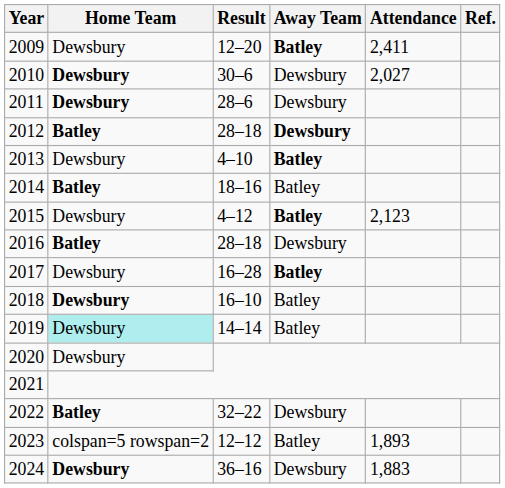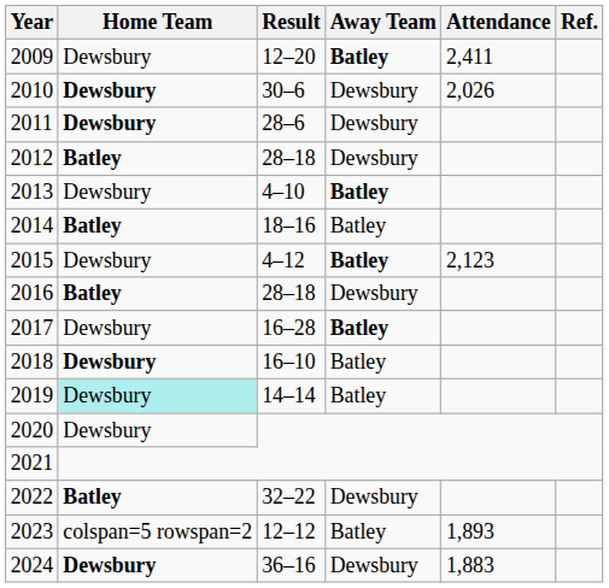 <table class="wikitable" style="font-size:100%">
 <tr>
 <th scope="col">Year</th>
 <th scope="col">Home Team</th>
 <th scope="col">Result</th>
 <th scope="col">Away Team</th>
 <th scope="col">Attendance</th>
 <th scope="col">Ref.</th>
 </tr>
 <tr>
 <td>2009</td>
 <td>Dewsbury</td>
 <td>12–20</td>
 <td><strong>Batley</strong></td>
 <td>2,411</td>
 <td></td>
 </tr>
 <tr>
 <td>2010</td>
 <td><strong>Dewsbury</strong></td>
 <td>30–6</td>
 <td>Dewsbury</td>
-<td>2,027</td>
+<td>2,026</td>
 <td></td>
 </tr>
 <tr>
 <td>2011</td>
 <td><strong>Dewsbury</strong></td>
 <td>28–6</td>
 <td>Dewsbury</td>
 <td></td>
 <td></td>
 </tr>
 <tr>
 <td>2012</td>
 <td><strong>Batley</strong></td>
 <td>28–18</td>
-<td><strong>Dewsbury</strong></td>
+<td>Dewsbury</td>
 <td></td>
 <td></td>
 </tr>
 <tr>
 <td>2013</td>
 <td>Dewsbury</td>
 <td>4–10</td>
 <td><strong>Batley</strong></td>
 <td></td>
 <td></td>
 </tr>
 <tr>
 <td>2014</td>
 <td><strong>Batley</strong></td>
 <td>18–16</td>
 <td>Batley</td>
 <td></td>
 <td></td>
 </tr>
 <tr>
 <td>2015</td>
 <td>Dewsbury</td>
 <td>4–12</td>
 <td><strong>Batley</strong></td>
 <td>2,123</td>
 <td></td>
 </tr>
 <tr>
 <td>2016</td>
 <td><strong>Batley</strong></td>
 <td>28–18</td>
 <td>Dewsbury</td>
 <td></td>
 <td></td>
 </tr>
 <tr>
 <td>2017</td>
 <td>Dewsbury</td>
 <td>16–28</td>
 <td><strong>Batley</strong></td>
 <td></td>
 <td></td>
 </tr>
 <tr>
 <td>2018</td>
 <td><strong>Dewsbury</strong></td>
 <td>16–10</td>
 <td>Batley</td>
 <td></td>
 <td></td>
 </tr>
 <tr>
 <td>2019</td>
 <td style="background: paleturquoise;">Dewsbury</td>
 <td>14–14</td>
 <td>Batley</td>
 <td></td>
 <td></td>
 </tr>
 <tr>
 <td>2020</td>
 <td>Dewsbury</td>
 </tr>
 <tr>
 <td>2021</td>
 </tr>
 <tr>
 <td>2022</td>
 <td><strong>Batley</strong></td>
 <td>32–22</td>
 <td>Dewsbury</td>
 <td></td>
 <td></td>
 </tr>
 <tr>
 <td>2023</td>
 <td>colspan=5 rowspan=2</td>
 <td>12–12</td>
 <td>Batley</td>
 <td>1,893</td>
 <td></td>
 </tr>
 <tr>
 <td>2024</td>
 <td><strong>Dewsbury</strong></td>
 <td>36–16</td>
 <td>Dewsbury</td>
 <td>1,883</td>
 <td></td>
 </tr>
 </table>
